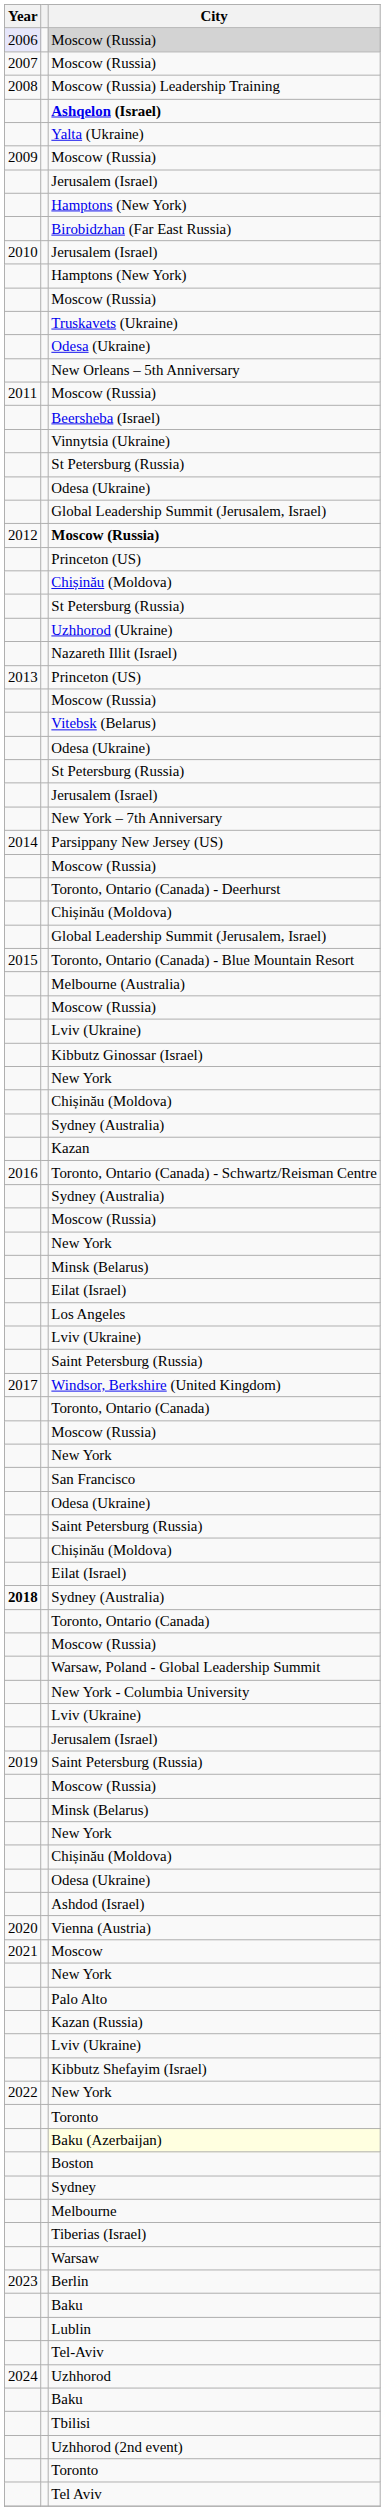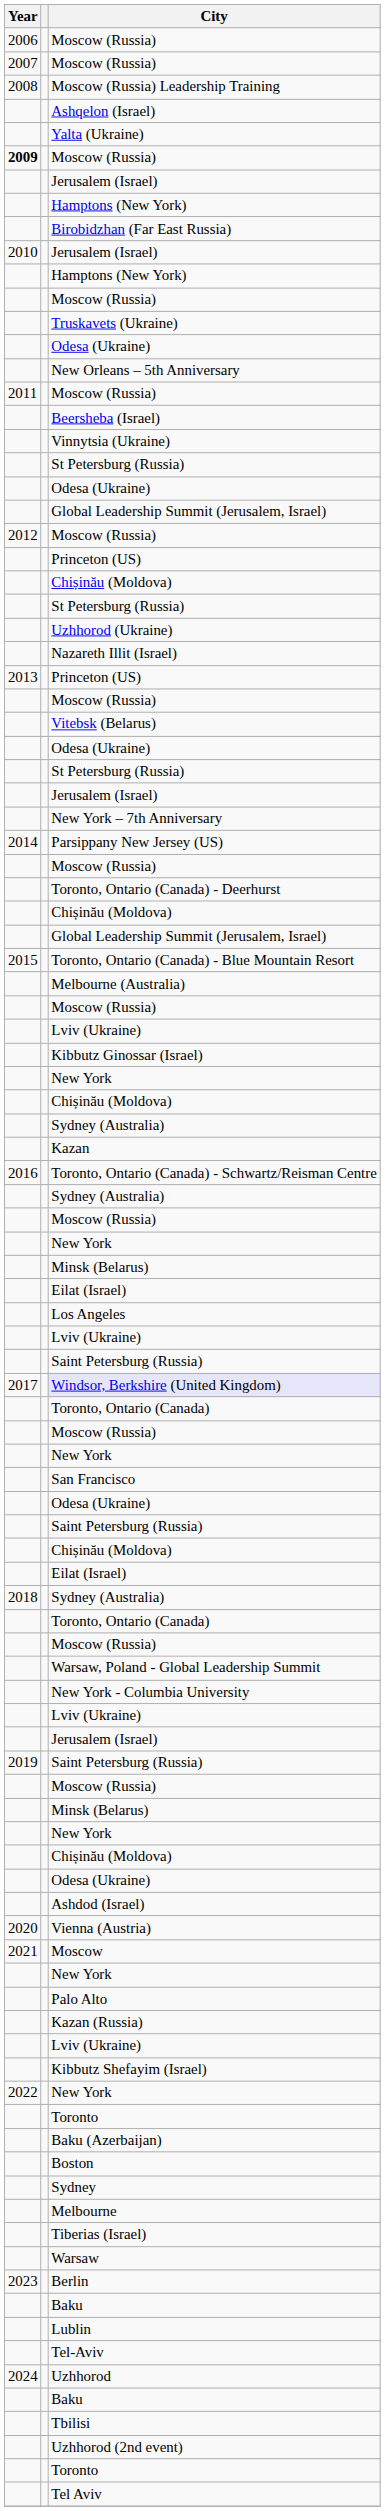 <table class="wikitable">
 <tr>
 <th>Year</th>
 <th></th>
 <th>City</th>
 </tr>
 <tr>
-<td style="background: lavender;">2006</td>
+<td>2006</td>
 <td></td>
-<td style="background: lightgrey;">Moscow (Russia)</td>
+<td>Moscow (Russia)</td>
 </tr>
 <tr>
 <td>2007</td>
 <td></td>
 <td>Moscow (Russia)</td>
 </tr>
 <tr>
 <td>2008</td>
 <td></td>
 <td>Moscow (Russia) Leadership Training</td>
 </tr>
 <tr>
 <td></td>
 <td></td>
-<td><strong><a href='#'>Ashqelon</a> (Israel)</strong></td>
+<td><a href='#'>Ashqelon</a> (Israel)</td>
 </tr>
 <tr>
 <td></td>
 <td></td>
 <td><a href='#'>Yalta</a> (Ukraine)</td>
 </tr>
 <tr>
-<td>2009</td>
+<td><strong>2009</strong></td>
 <td></td>
 <td>Moscow (Russia)</td>
 </tr>
 <tr>
 <td></td>
 <td></td>
 <td>Jerusalem (Israel)</td>
 </tr>
 <tr>
 <td></td>
 <td></td>
 <td><a href='#'>Hamptons</a> (New York)</td>
 </tr>
 <tr>
 <td></td>
 <td></td>
 <td><a href='#'>Birobidzhan</a> (Far East Russia)</td>
 </tr>
 <tr>
 <td>2010</td>
 <td></td>
 <td>Jerusalem (Israel)</td>
 </tr>
 <tr>
 <td></td>
 <td></td>
 <td>Hamptons (New York)</td>
 </tr>
 <tr>
 <td></td>
 <td></td>
 <td>Moscow (Russia)</td>
 </tr>
 <tr>
 <td></td>
 <td></td>
 <td><a href='#'>Truskavets</a> (Ukraine)</td>
 </tr>
 <tr>
 <td></td>
 <td></td>
 <td><a href='#'>Odesa</a> (Ukraine)</td>
 </tr>
 <tr>
 <td></td>
 <td></td>
 <td>New Orleans – 5th Anniversary</td>
 </tr>
 <tr>
 <td>2011</td>
 <td></td>
 <td>Moscow (Russia)</td>
 </tr>
 <tr>
 <td></td>
 <td></td>
 <td><a href='#'>Beersheba</a> (Israel)</td>
 </tr>
 <tr>
 <td></td>
 <td></td>
 <td>Vinnytsia (Ukraine)</td>
 </tr>
 <tr>
 <td></td>
 <td></td>
 <td>St Petersburg (Russia)</td>
 </tr>
 <tr>
 <td></td>
 <td></td>
 <td>Odesa (Ukraine)</td>
 </tr>
 <tr>
 <td></td>
 <td></td>
 <td>Global Leadership Summit (Jerusalem, Israel)</td>
 </tr>
 <tr>
 <td>2012</td>
 <td></td>
-<td><strong>Moscow (Russia)</strong></td>
+<td>Moscow (Russia)</td>
 </tr>
 <tr>
 <td></td>
 <td></td>
 <td>Princeton (US)</td>
 </tr>
 <tr>
 <td></td>
 <td></td>
 <td><a href='#'>Chișinău</a> (Moldova)</td>
 </tr>
 <tr>
 <td></td>
 <td></td>
 <td>St Petersburg (Russia)</td>
 </tr>
 <tr>
 <td></td>
 <td></td>
 <td><a href='#'>Uzhhorod</a> (Ukraine)</td>
 </tr>
 <tr>
 <td></td>
 <td></td>
 <td>Nazareth Illit (Israel)</td>
 </tr>
 <tr>
 <td>2013</td>
 <td></td>
 <td>Princeton (US)</td>
 </tr>
 <tr>
 <td></td>
 <td></td>
 <td>Moscow (Russia)</td>
 </tr>
 <tr>
 <td></td>
 <td></td>
 <td><a href='#'>Vitebsk</a> (Belarus)</td>
 </tr>
 <tr>
 <td></td>
 <td></td>
 <td>Odesa (Ukraine)</td>
 </tr>
 <tr>
 <td></td>
 <td></td>
 <td>St Petersburg (Russia)</td>
 </tr>
 <tr>
 <td></td>
 <td></td>
 <td>Jerusalem (Israel)</td>
 </tr>
 <tr>
 <td></td>
 <td></td>
 <td>New York – 7th Anniversary</td>
 </tr>
 <tr>
 <td>2014</td>
 <td></td>
 <td>Parsippany New Jersey (US)</td>
 </tr>
 <tr>
 <td></td>
 <td></td>
 <td>Moscow (Russia)</td>
 </tr>
 <tr>
 <td></td>
 <td></td>
 <td>Toronto, Ontario (Canada) - Deerhurst</td>
 </tr>
 <tr>
 <td></td>
 <td></td>
 <td>Chișinău (Moldova)</td>
 </tr>
 <tr>
 <td></td>
 <td></td>
 <td>Global Leadership Summit (Jerusalem, Israel)</td>
 </tr>
 <tr>
 <td>2015</td>
 <td></td>
 <td>Toronto, Ontario (Canada) - Blue Mountain Resort</td>
 </tr>
 <tr>
 <td></td>
 <td></td>
 <td>Melbourne (Australia)</td>
 </tr>
 <tr>
 <td></td>
 <td></td>
 <td>Moscow (Russia)</td>
 </tr>
 <tr>
 <td></td>
 <td></td>
 <td>Lviv (Ukraine)</td>
 </tr>
 <tr>
 <td></td>
 <td></td>
 <td>Kibbutz Ginossar (Israel)</td>
 </tr>
 <tr>
 <td></td>
 <td></td>
 <td>New York</td>
 </tr>
 <tr>
 <td></td>
 <td></td>
 <td>Chișinău (Moldova)</td>
 </tr>
 <tr>
 <td></td>
 <td></td>
 <td>Sydney (Australia)</td>
 </tr>
 <tr>
 <td></td>
 <td></td>
 <td>Kazan</td>
 </tr>
 <tr>
 <td>2016</td>
 <td></td>
 <td>Toronto, Ontario (Canada) - Schwartz/Reisman Centre</td>
 </tr>
 <tr>
 <td></td>
 <td></td>
 <td>Sydney (Australia)</td>
 </tr>
 <tr>
 <td></td>
 <td></td>
 <td>Moscow (Russia)</td>
 </tr>
 <tr>
 <td></td>
 <td></td>
 <td>New York</td>
 </tr>
 <tr>
 <td></td>
 <td></td>
 <td>Minsk (Belarus)</td>
 </tr>
 <tr>
 <td></td>
 <td></td>
 <td>Eilat (Israel)</td>
 </tr>
 <tr>
 <td></td>
 <td></td>
 <td>Los Angeles </td>
 </tr>
 <tr>
 <td></td>
 <td></td>
 <td>Lviv (Ukraine)</td>
 </tr>
 <tr>
 <td></td>
 <td></td>
 <td>Saint Petersburg (Russia)</td>
 </tr>
 <tr>
 <td>2017</td>
 <td></td>
-<td><a href='#'>Windsor, Berkshire</a> (United Kingdom)</td>
+<td style="background: lavender;"><a href='#'>Windsor, Berkshire</a> (United Kingdom)</td>
 </tr>
 <tr>
 <td></td>
 <td></td>
 <td>Toronto, Ontario (Canada)</td>
 </tr>
 <tr>
 <td></td>
 <td></td>
 <td>Moscow (Russia)</td>
 </tr>
 <tr>
 <td></td>
 <td></td>
 <td>New York</td>
 </tr>
 <tr>
 <td></td>
 <td></td>
 <td>San Francisco</td>
 </tr>
 <tr>
 <td></td>
 <td></td>
 <td>Odesa (Ukraine)</td>
 </tr>
 <tr>
 <td></td>
 <td></td>
 <td>Saint Petersburg (Russia)</td>
 </tr>
 <tr>
 <td></td>
 <td></td>
 <td>Chișinău (Moldova)</td>
 </tr>
 <tr>
 <td></td>
 <td></td>
 <td>Eilat (Israel)</td>
 </tr>
 <tr>
-<td><strong>2018</strong></td>
+<td>2018</td>
 <td></td>
 <td>Sydney (Australia)</td>
 </tr>
 <tr>
 <td></td>
 <td></td>
 <td>Toronto, Ontario (Canada)</td>
 </tr>
 <tr>
 <td></td>
 <td></td>
 <td>Moscow (Russia)</td>
 </tr>
 <tr>
 <td></td>
 <td></td>
 <td>Warsaw, Poland - Global Leadership Summit</td>
 </tr>
 <tr>
 <td></td>
 <td></td>
 <td>New York - Columbia University </td>
 </tr>
 <tr>
 <td></td>
 <td></td>
 <td>Lviv (Ukraine)</td>
 </tr>
 <tr>
 <td></td>
 <td></td>
 <td>Jerusalem (Israel)</td>
 </tr>
 <tr>
 <td>2019</td>
 <td></td>
 <td>Saint Petersburg (Russia)</td>
 </tr>
 <tr>
 <td></td>
 <td></td>
 <td>Moscow (Russia)</td>
 </tr>
 <tr>
 <td></td>
 <td></td>
 <td>Minsk (Belarus)</td>
 </tr>
 <tr>
 <td></td>
 <td></td>
 <td>New York</td>
 </tr>
 <tr>
 <td></td>
 <td></td>
 <td>Chișinău (Moldova) </td>
 </tr>
 <tr>
 <td></td>
 <td></td>
 <td>Odesa (Ukraine) </td>
 </tr>
 <tr>
 <td></td>
 <td></td>
 <td>Ashdod (Israel)</td>
 </tr>
 <tr>
 <td>2020</td>
 <td></td>
 <td>Vienna (Austria)</td>
 </tr>
 <tr>
 <td>2021</td>
 <td></td>
 <td>Moscow</td>
 </tr>
 <tr>
 <td></td>
 <td></td>
 <td>New York</td>
 </tr>
 <tr>
 <td></td>
 <td></td>
 <td>Palo Alto</td>
 </tr>
 <tr>
 <td></td>
 <td></td>
 <td>Kazan (Russia)</td>
 </tr>
 <tr>
 <td></td>
 <td></td>
 <td>Lviv (Ukraine)</td>
 </tr>
 <tr>
 <td></td>
 <td></td>
 <td>Kibbutz Shefayim (Israel)</td>
 </tr>
 <tr>
 <td>2022</td>
 <td></td>
 <td>New York</td>
 </tr>
 <tr>
 <td></td>
 <td></td>
 <td>Toronto</td>
 </tr>
 <tr>
 <td></td>
 <td></td>
-<td style="background: lightyellow;">Baku (Azerbaijan)</td>
+<td>Baku (Azerbaijan)</td>
 </tr>
 <tr>
 <td></td>
 <td></td>
 <td>Boston</td>
 </tr>
 <tr>
 <td></td>
 <td></td>
 <td>Sydney</td>
 </tr>
 <tr>
 <td></td>
 <td></td>
 <td>Melbourne</td>
 </tr>
 <tr>
 <td></td>
 <td></td>
 <td>Tiberias (Israel)</td>
 </tr>
 <tr>
 <td></td>
 <td></td>
 <td>Warsaw</td>
 </tr>
 <tr>
 <td>2023</td>
 <td></td>
 <td>Berlin</td>
 </tr>
 <tr>
 <td></td>
 <td></td>
 <td>Baku</td>
 </tr>
 <tr>
 <td></td>
 <td></td>
 <td>Lublin</td>
 </tr>
 <tr>
 <td></td>
 <td></td>
 <td>Tel-Aviv</td>
 </tr>
 <tr>
 <td>2024</td>
 <td></td>
 <td>Uzhhorod</td>
 </tr>
 <tr>
 <td></td>
 <td></td>
 <td>Baku</td>
 </tr>
 <tr>
 <td></td>
 <td></td>
 <td>Tbilisi</td>
 </tr>
 <tr>
 <td></td>
 <td></td>
 <td>Uzhhorod (2nd event)</td>
 </tr>
 <tr>
 <td></td>
 <td></td>
 <td>Toronto</td>
 </tr>
 <tr>
 <td></td>
 <td></td>
 <td>Tel Aviv</td>
 </tr>
 <tr>
 </tr>
 </table>
